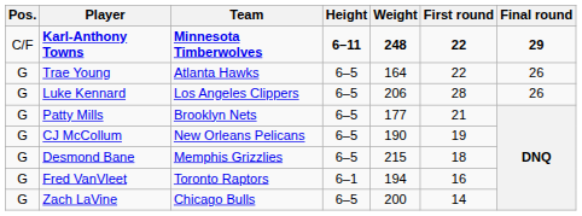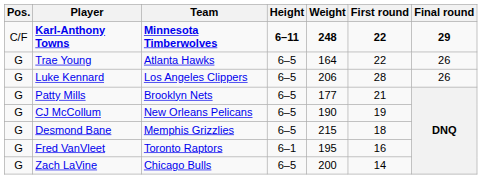 <table class="wikitable">
 <tr>
 <th>Pos.</th>
 <th style="width:150px;">Player</th>
 <th width=175>Team</th>
 <th>Height</th>
 <th>Weight</th>
 <th>First round</th>
 <th>Final round</th>
 </tr>
 <tr>
 <td style="text-align:center">C/F</td>
 <td><strong><a href='#'>Karl-Anthony Towns</a></strong></td>
 <td><strong><a href='#'>Minnesota Timberwolves</a></strong></td>
 <td align="center"><strong>6–11</strong></td>
 <td align="center"><strong>248</strong></td>
 <td align="center"><strong>22</strong></td>
 <td style="text-align:center;"><strong>29</strong></td>
 </tr>
 <tr>
 <td style="text-align:center">G</td>
 <td><a href='#'>Trae Young</a></td>
 <td><a href='#'>Atlanta Hawks</a></td>
 <td align=center>6–5</td>
 <td align=center>164</td>
 <td align=center>22</td>
 <td style="text-align:center;">26</td>
 </tr>
 <tr>
 <td style="text-align:center">G</td>
 <td><a href='#'>Luke Kennard</a></td>
 <td><a href='#'>Los Angeles Clippers</a></td>
 <td align="center">6–5</td>
 <td align="center">206</td>
 <td align="center">28</td>
 <td style="text-align:center;">26</td>
 </tr>
 <tr>
 <td style="text-align:center">G</td>
 <td><a href='#'>Patty Mills</a></td>
 <td><a href='#'>Brooklyn Nets</a></td>
 <td align=center>6–5</td>
 <td align=center>177</td>
 <td align=center>21</td>
 <th rowspan="5" style="text-align:center;">DNQ</th>
 </tr>
 <tr>
 <td style="text-align:center">G</td>
 <td><a href='#'>CJ McCollum</a></td>
 <td><a href='#'>New Orleans Pelicans</a></td>
 <td align=center>6–5</td>
 <td align=center>190</td>
 <td align=center>19</td>
 </tr>
 <tr>
 <td style="text-align:center">G</td>
 <td><a href='#'>Desmond Bane</a></td>
 <td><a href='#'>Memphis Grizzlies</a></td>
 <td align=center>6–5</td>
 <td align=center>215</td>
 <td align=center>18</td>
 </tr>
 <tr>
 <td style="text-align:center">G</td>
 <td><a href='#'>Fred VanVleet</a></td>
 <td><a href='#'>Toronto Raptors</a></td>
 <td align=center>6–1</td>
-<td align=center>194</td>
+<td align=center>195</td>
 <td align=center>16</td>
 </tr>
 <tr>
 <td style="text-align:center">G</td>
 <td><a href='#'>Zach LaVine</a></td>
 <td><a href='#'>Chicago Bulls</a></td>
 <td align=center>6–5</td>
 <td align=center>200</td>
 <td align=center>14</td>
 </tr>
 </table>
